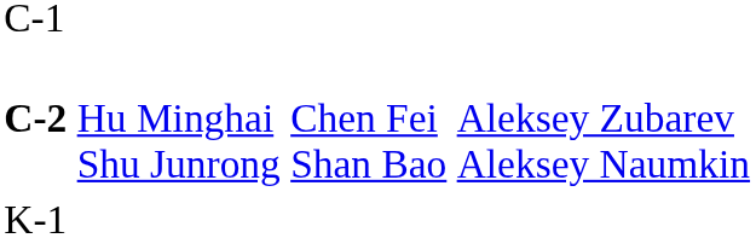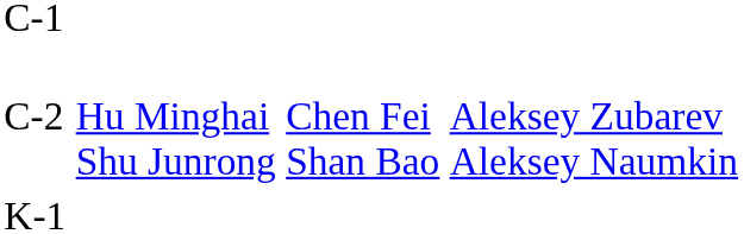 <table>
 <tr>
 <td>C-1<br></td>
 <td></td>
 <td></td>
 <td></td>
 </tr>
 <tr>
-<td><strong>C-2<br></strong></td>
+<td>C-2<br></td>
 <td><br><a href='#'>Hu Minghai</a><br><a href='#'>Shu Junrong</a></td>
 <td><br><a href='#'>Chen Fei</a><br><a href='#'>Shan Bao</a></td>
 <td><br><a href='#'>Aleksey Zubarev</a><br><a href='#'>Aleksey Naumkin</a></td>
 </tr>
 <tr>
 <td>K-1<br></td>
 <td></td>
 <td></td>
 <td></td>
 </tr>
 </table>
